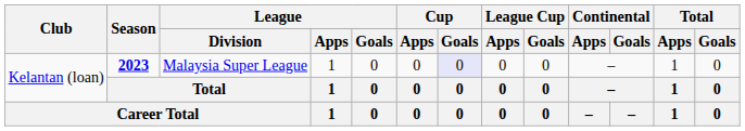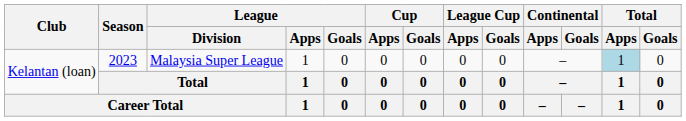 <table class=wikitable style="text-align:center">
 <tr>
 <th rowspan=2>Club</th>
 <th rowspan=2>Season</th>
 <th colspan=3>League</th>
 <th colspan=2>Cup</th>
 <th colspan=2>League Cup</th>
 <th colspan=2>Continental</th>
 <th colspan=2>Total</th>
 </tr>
 <tr>
 <th>Division</th>
 <th>Apps</th>
 <th>Goals</th>
 <th>Apps</th>
 <th>Goals</th>
 <th>Apps</th>
 <th>Goals</th>
 <th>Apps</th>
 <th>Goals</th>
 <th>Apps</th>
 <th>Goals</th>
 </tr>
 <tr>
 <td rowspan="2"><a href='#'>Kelantan</a> (loan)</td>
-<td><strong><a href='#'>2023</a></strong></td>
+<td><a href='#'>2023</a></td>
 <td><a href='#'>Malaysia Super League</a></td>
 <td>1</td>
 <td>0</td>
 <td>0</td>
-<td style="background: lavender;">0</td>
+<td>0</td>
 <td>0</td>
 <td>0</td>
 <td colspan=2>–</td>
-<td>1</td>
+<td style="background: lightblue;">1</td>
 <td>0</td>
 </tr>
 <tr>
 <th colspan="2">Total</th>
 <th>1</th>
 <th>0</th>
 <th>0</th>
 <th>0</th>
 <th>0</th>
 <th>0</th>
 <th colspan=2>–</th>
 <th>1</th>
 <th>0</th>
 </tr>
 <tr>
 <th colspan="3">Career Total</th>
 <th>1</th>
 <th>0</th>
 <th>0</th>
 <th>0</th>
 <th>0</th>
 <th>0</th>
 <th>–</th>
 <th>–</th>
 <th>1</th>
 <th>0</th>
 </tr>
 </table>
